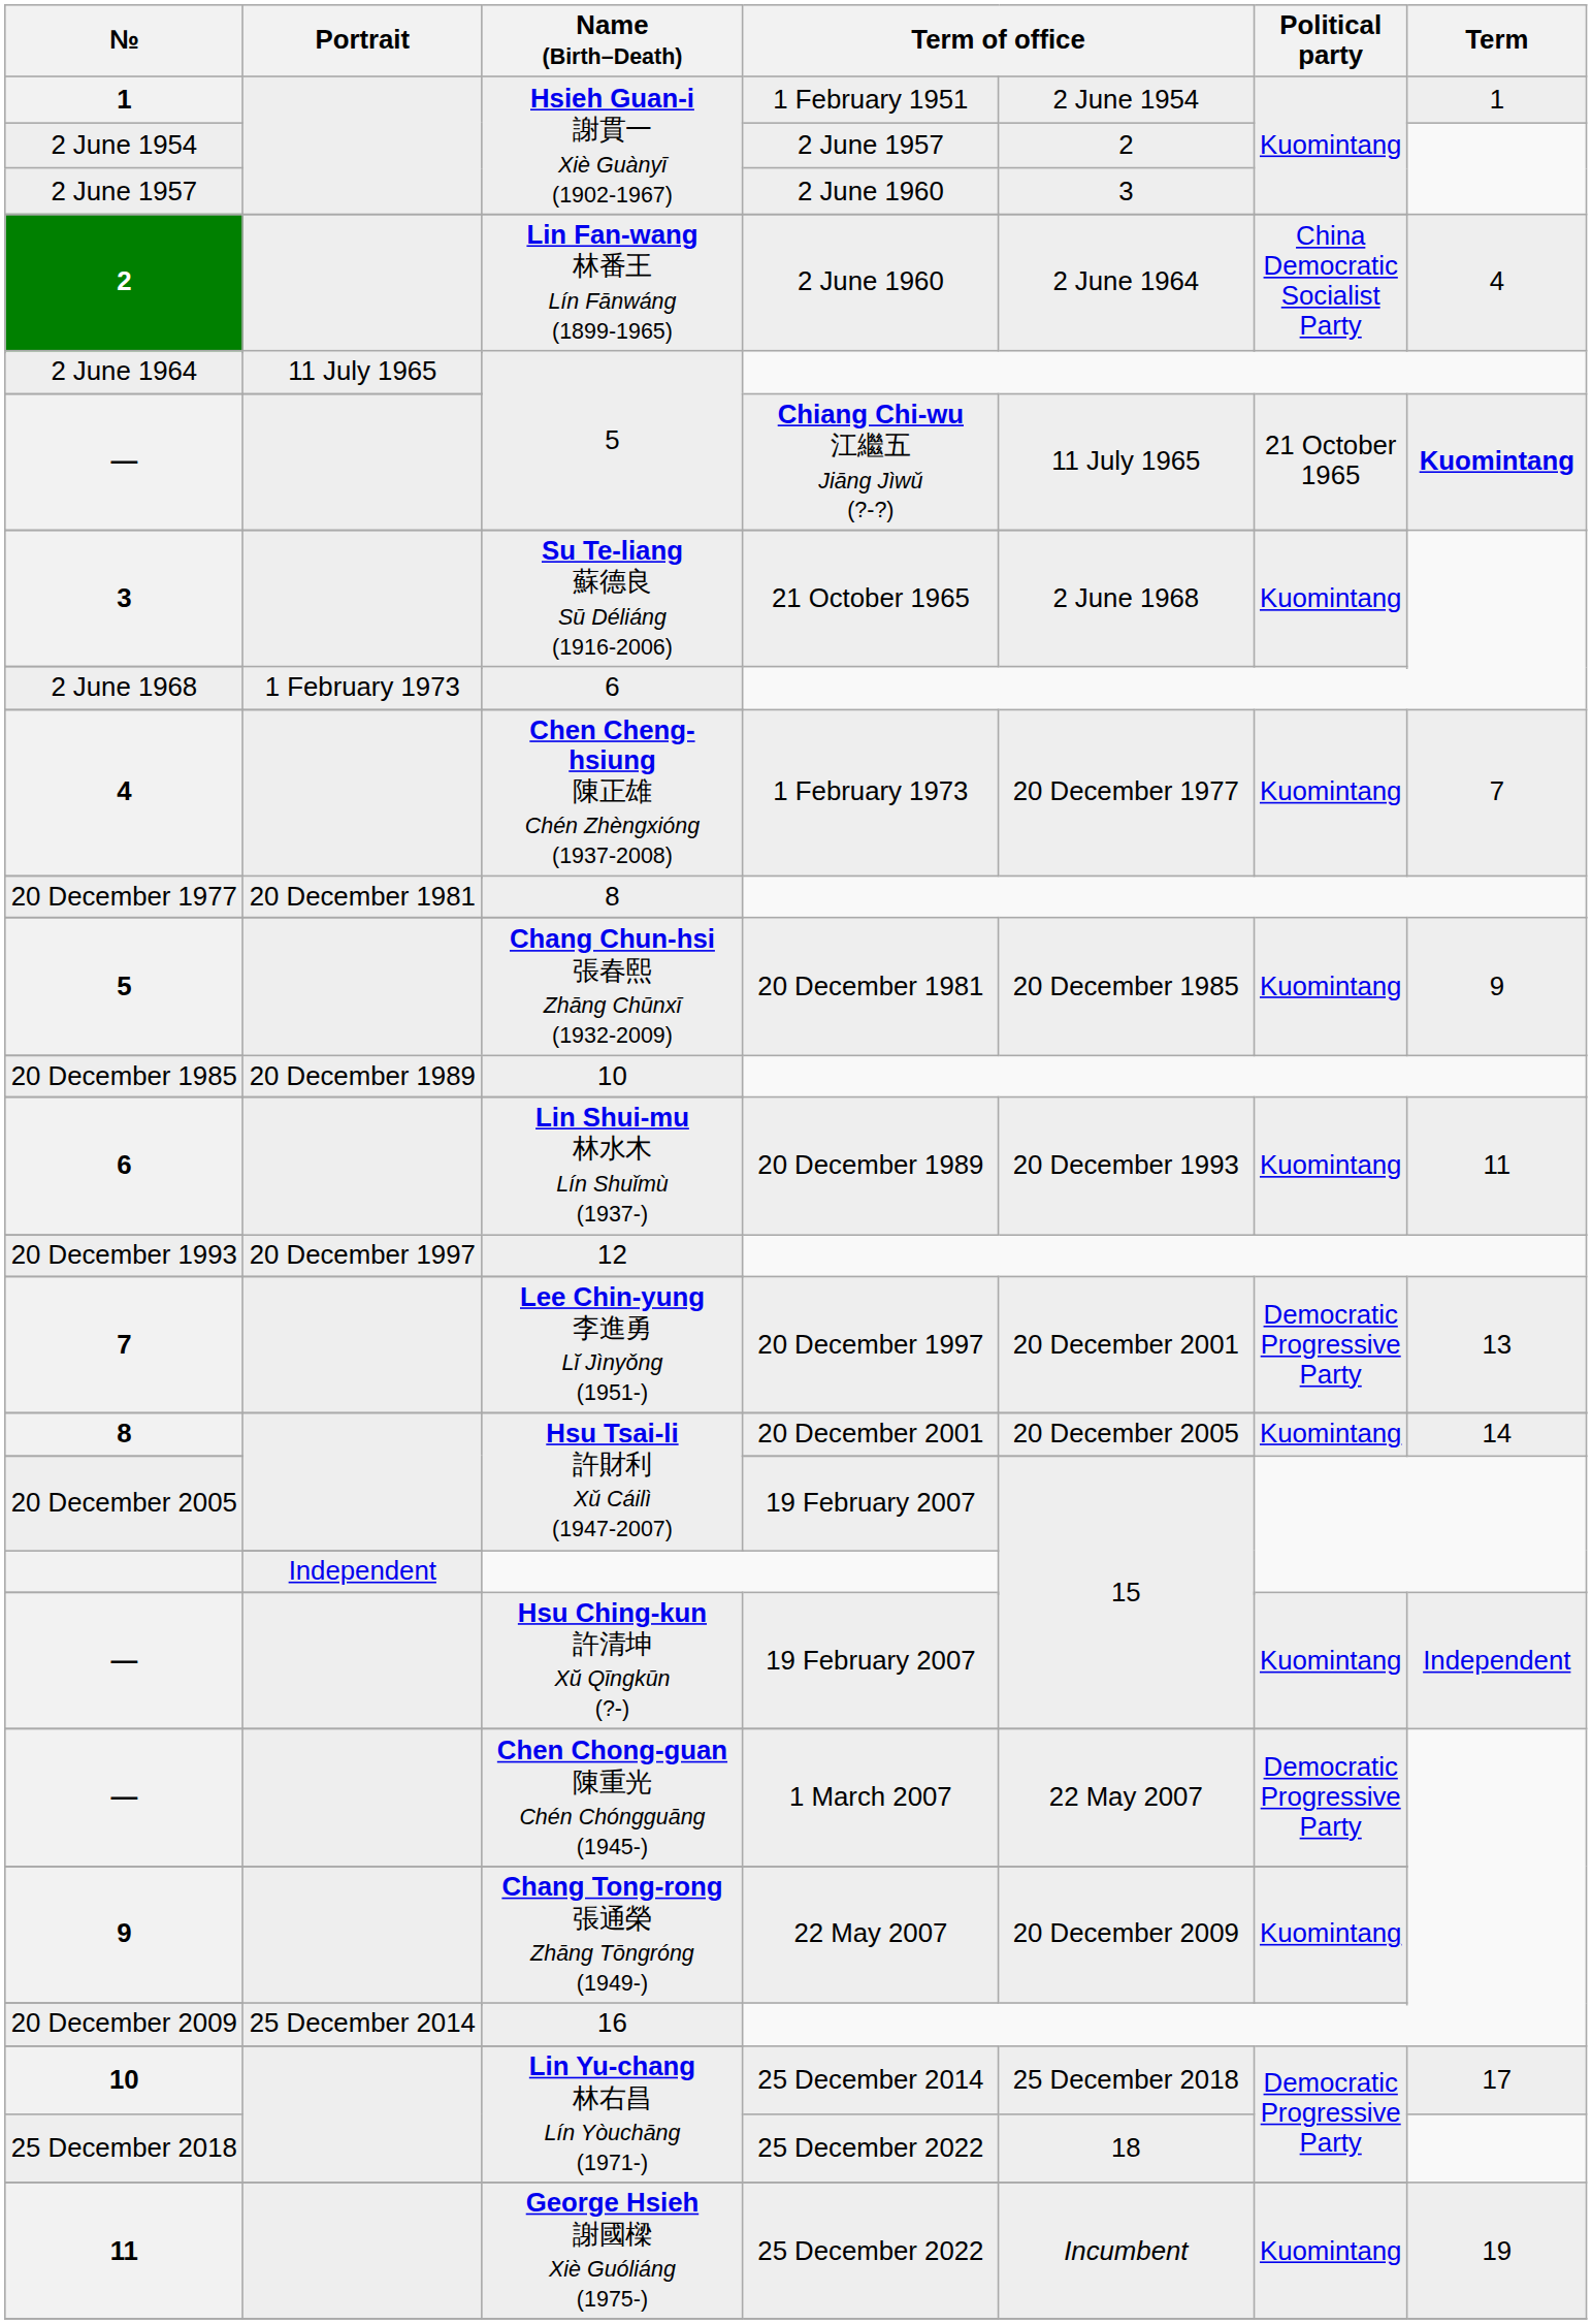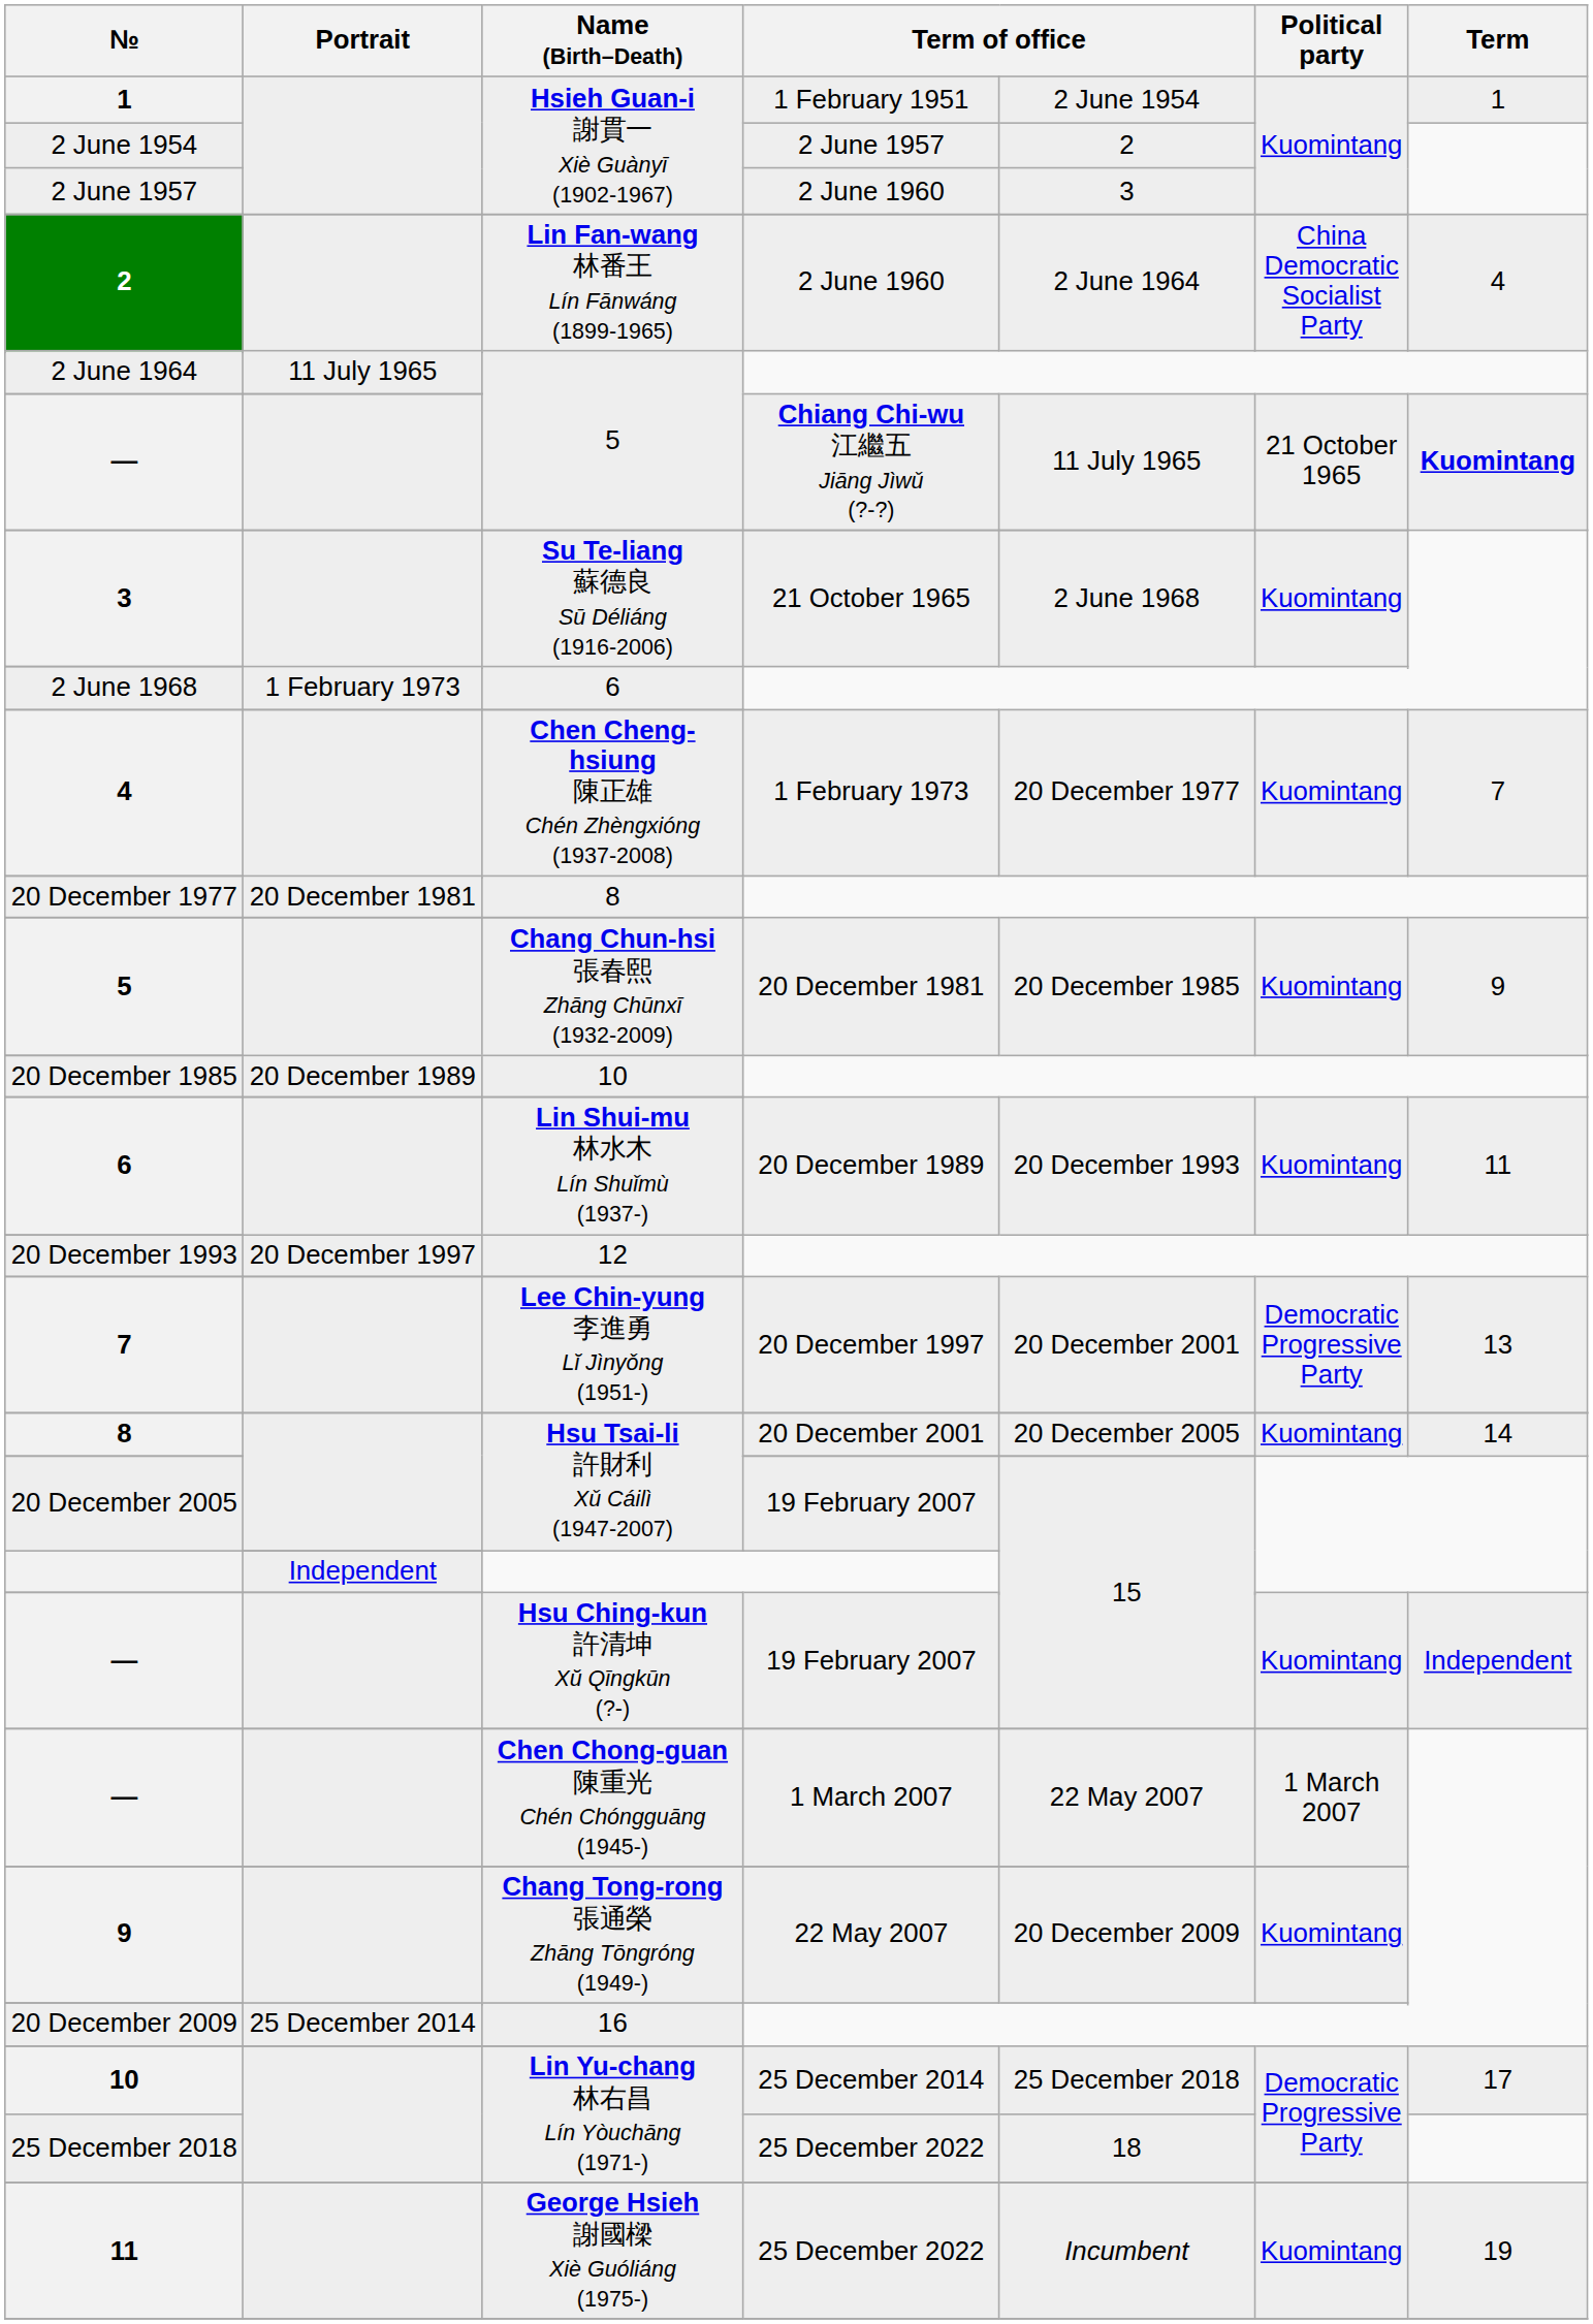 <table class="wikitable" style="text-align:center">
 <tr ->
 <th>№</th>
 <th>Portrait</th>
 <th width="150">Name<br><small>(Birth–Death)</small></th>
 <th colspan=2 width="300">Term of office</th>
 <th width = "50">Political party</th>
 <th width="100">Term</th>
 </tr>
 <tr - bgcolor=#EEEEEE>
 <th style="background:">1</th>
 <td rowspan=3></td>
 <td rowspan=3><strong><a href='#'>Hsieh Guan-i</a></strong><br><span>謝貫一 </span><br><small><em>Xiè Guànyī </em><br>(1902-1967)</small></td>
 <td>1 February 1951</td>
 <td>2 June 1954</td>
 <td rowspan=3><a href='#'>Kuomintang</a></td>
 <td>1</td>
 </tr>
 <tr - bgcolor=#EEEEEE>
 <td>2 June 1954</td>
 <td>2 June 1957</td>
 <td>2</td>
 </tr>
 <tr - bgcolor=#EEEEEE>
 <td>2 June 1957</td>
 <td>2 June 1960</td>
 <td>3</td>
 </tr>
 <tr ->
 </tr>
 <tr - bgcolor=#EEEEEE>
 <th style="background:#008000; color:white;" rowspan=2>2</th>
 <td rowspan=2></td>
 <td rowspan=2><strong><a href='#'>Lin Fan-wang</a></strong><br><span>林番王 </span><br><small><em>Lín Fānwáng </em><br>(1899-1965)</small></td>
 <td>2 June 1960</td>
 <td>2 June 1964 </td>
 <td rowspan=2><a href='#'>China Democratic Socialist Party</a></td>
 <td>4</td>
 </tr>
 <tr ->
 </tr>
 <tr - bgcolor=#EEEEEE>
 <td>2 June 1964</td>
 <td>11 July 1965 </td>
 <td rowspan=3>5</td>
 </tr>
 <tr ->
 </tr>
 <tr - bgcolor=#EEEEEE>
 <th style="background:">—</th>
 <td></td>
 <td><strong><a href='#'>Chiang Chi-wu</a></strong><br><span>江繼五 </span><br><small><em>Jiāng Jìwǔ </em><br>(?-?)</small></td>
 <td>11 July 1965</td>
 <td>21 October 1965</td>
 <td><strong><a href='#'>Kuomintang</a></strong></td>
 </tr>
 <tr ->
 </tr>
 <tr - bgcolor=#EEEEEE>
 <th style="background:">3</th>
 <td rowspan=2></td>
 <td rowspan=2><strong><a href='#'>Su Te-liang</a></strong><br><span>蘇德良 </span><br><small><em>Sū Déliáng </em><br>(1916-2006)</small></td>
 <td>21 October 1965</td>
 <td>2 June 1968</td>
 <td rowspan=2><a href='#'>Kuomintang</a></td>
 </tr>
 <tr ->
 </tr>
 <tr - bgcolor=#EEEEEE>
 <td>2 June 1968</td>
 <td>1 February 1973 </td>
 <td>6</td>
 </tr>
 <tr ->
 </tr>
 <tr - bgcolor=#EEEEEE>
 <th style="background:">4</th>
 <td rowspan=2></td>
 <td rowspan=2><strong><a href='#'>Chen Cheng-hsiung</a></strong><br><span>陳正雄 </span><br><small><em>Chén Zhèngxióng </em><br>(1937-2008)</small></td>
 <td>1 February 1973</td>
 <td>20 December 1977</td>
 <td rowspan=2><a href='#'>Kuomintang</a></td>
 <td>7</td>
 </tr>
 <tr ->
 </tr>
 <tr - bgcolor=#EEEEEE>
 <td>20 December 1977</td>
 <td>20 December 1981</td>
 <td>8</td>
 </tr>
 <tr ->
 </tr>
 <tr - bgcolor=#EEEEEE>
 <th style="background:">5</th>
 <td rowspan=2></td>
 <td rowspan=2><strong><a href='#'>Chang Chun-hsi</a></strong><br><span>張春熙 </span><br><small><em>Zhāng Chūnxī </em><br>(1932-2009)</small></td>
 <td>20 December 1981</td>
 <td>20 December 1985</td>
 <td rowspan=2><a href='#'>Kuomintang</a></td>
 <td>9</td>
 </tr>
 <tr ->
 </tr>
 <tr - bgcolor=#EEEEEE>
 <td>20 December 1985</td>
 <td>20 December 1989</td>
 <td>10</td>
 </tr>
 <tr ->
 </tr>
 <tr - bgcolor=#EEEEEE>
 <th style="background:">6</th>
 <td rowspan=2></td>
 <td rowspan=2><strong><a href='#'>Lin Shui-mu</a></strong><br><span>林水木 </span><br><small><em>Lín Shuǐmù </em><br>(1937-)</small></td>
 <td>20 December 1989</td>
 <td>20 December 1993</td>
 <td rowspan=2><a href='#'>Kuomintang</a></td>
 <td>11</td>
 </tr>
 <tr ->
 </tr>
 <tr - bgcolor=#EEEEEE>
 <td>20 December 1993</td>
 <td>20 December 1997</td>
 <td>12</td>
 </tr>
 <tr ->
 </tr>
 <tr - bgcolor=#EEEEEE>
 <th style="background:">7</th>
 <td></td>
 <td><strong><a href='#'>Lee Chin-yung</a></strong><br><span>李進勇 </span><br><small><em>Lĭ Jìnyǒng </em><br>(1951-)</small></td>
 <td>20 December 1997</td>
 <td>20 December 2001 </td>
 <td><a href='#'>Democratic Progressive Party</a></td>
 <td>13</td>
 </tr>
 <tr ->
 </tr>
 <tr - bgcolor=#EEEEEE>
 <th style="background:">8</th>
 <td rowspan=3></td>
 <td rowspan=3><strong><a href='#'>Hsu Tsai-li</a></strong><br><span>許財利 </span><br><small><em>Xǔ Cáilì </em><br>(1947-2007)</small></td>
 <td>20 December 2001</td>
 <td>20 December 2005</td>
 <td rowspan=2><a href='#'>Kuomintang</a></td>
 <td>14</td>
 </tr>
 <tr ->
 </tr>
 <tr - bgcolor=#EEEEEE>
 <td rowspan=2>20 December 2005</td>
 <td rowspan=2>19 February 2007</td>
 <td rowspan=5>15</td>
 </tr>
 <tr ->
 </tr>
 <tr - bgcolor=#EEEEEE>
 <th style="background:"></th>
 <td><a href='#'>Independent</a></td>
 </tr>
 <tr ->
 </tr>
 <tr - bgcolor=#EEEEEE>
 <th style="background:">—</th>
 <td></td>
 <td><strong><a href='#'>Hsu Ching-kun</a></strong><br><span>許清坤 </span><br><small><em>Xŭ Qīngkūn </em><br>(?-)</small></td>
 <td>19 February 2007</td>
 <td><a href='#'>Kuomintang</a></td>
 <td><a href='#'>Independent</a></td>
 </tr>
 <tr ->
 </tr>
 <tr - bgcolor=#EEEEEE>
 <th style="background:">—</th>
 <td></td>
 <td><strong><a href='#'>Chen Chong-guan</a></strong><br><span>陳重光 </span><br><small><em>Chén Chóngguāng </em><br>(1945-)</small></td>
 <td>1 March 2007</td>
 <td>22 May 2007</td>
-<td><a href='#'>Democratic Progressive Party</a></td>
+<td>1 March 2007</td>
 </tr>
 <tr ->
 </tr>
 <tr - bgcolor=#EEEEEE>
 <th style="background:">9</th>
 <td rowspan=2></td>
 <td rowspan=2><strong><a href='#'>Chang Tong-rong</a></strong><br><span>張通榮 </span><br><small><em>Zhāng Tōngróng </em><br>(1949-)</small></td>
 <td>22 May 2007</td>
 <td>20 December 2009</td>
 <td rowspan=2><a href='#'>Kuomintang</a></td>
 </tr>
 <tr ->
 </tr>
 <tr - bgcolor=#EEEEEE>
 <td>20 December 2009</td>
 <td>25 December 2014</td>
 <td>16</td>
 </tr>
 <tr ->
 </tr>
 <tr - bgcolor=#EEEEEE>
 <th style="background:">10</th>
 <td rowspan=2></td>
 <td rowspan=2><strong><a href='#'>Lin Yu-chang</a></strong><br><span>林右昌 </span><br><small><em>Lín Yòuchāng </em><br>(1971-)</small></td>
 <td>25 December 2014</td>
 <td>25 December 2018</td>
 <td rowspan=2><a href='#'>Democratic Progressive Party</a></td>
 <td>17</td>
 </tr>
 <tr - bgcolor=#EEEEEE>
 <td>25 December 2018</td>
 <td>25 December 2022</td>
 <td>18</td>
 </tr>
 <tr ->
 </tr>
 <tr - bgcolor=#EEEEEE>
 <th style="background:">11</th>
 <td></td>
 <td><strong><a href='#'>George Hsieh</a></strong><br><span>謝國樑 </span><br><small><em>Xiè Guóliáng </em><br>(1975-)</small></td>
 <td>25 December 2022</td>
 <td><em>Incumbent</em></td>
 <td><a href='#'>Kuomintang</a></td>
 <td>19</td>
 </tr>
 <tr ->
 </tr>
 </table>
